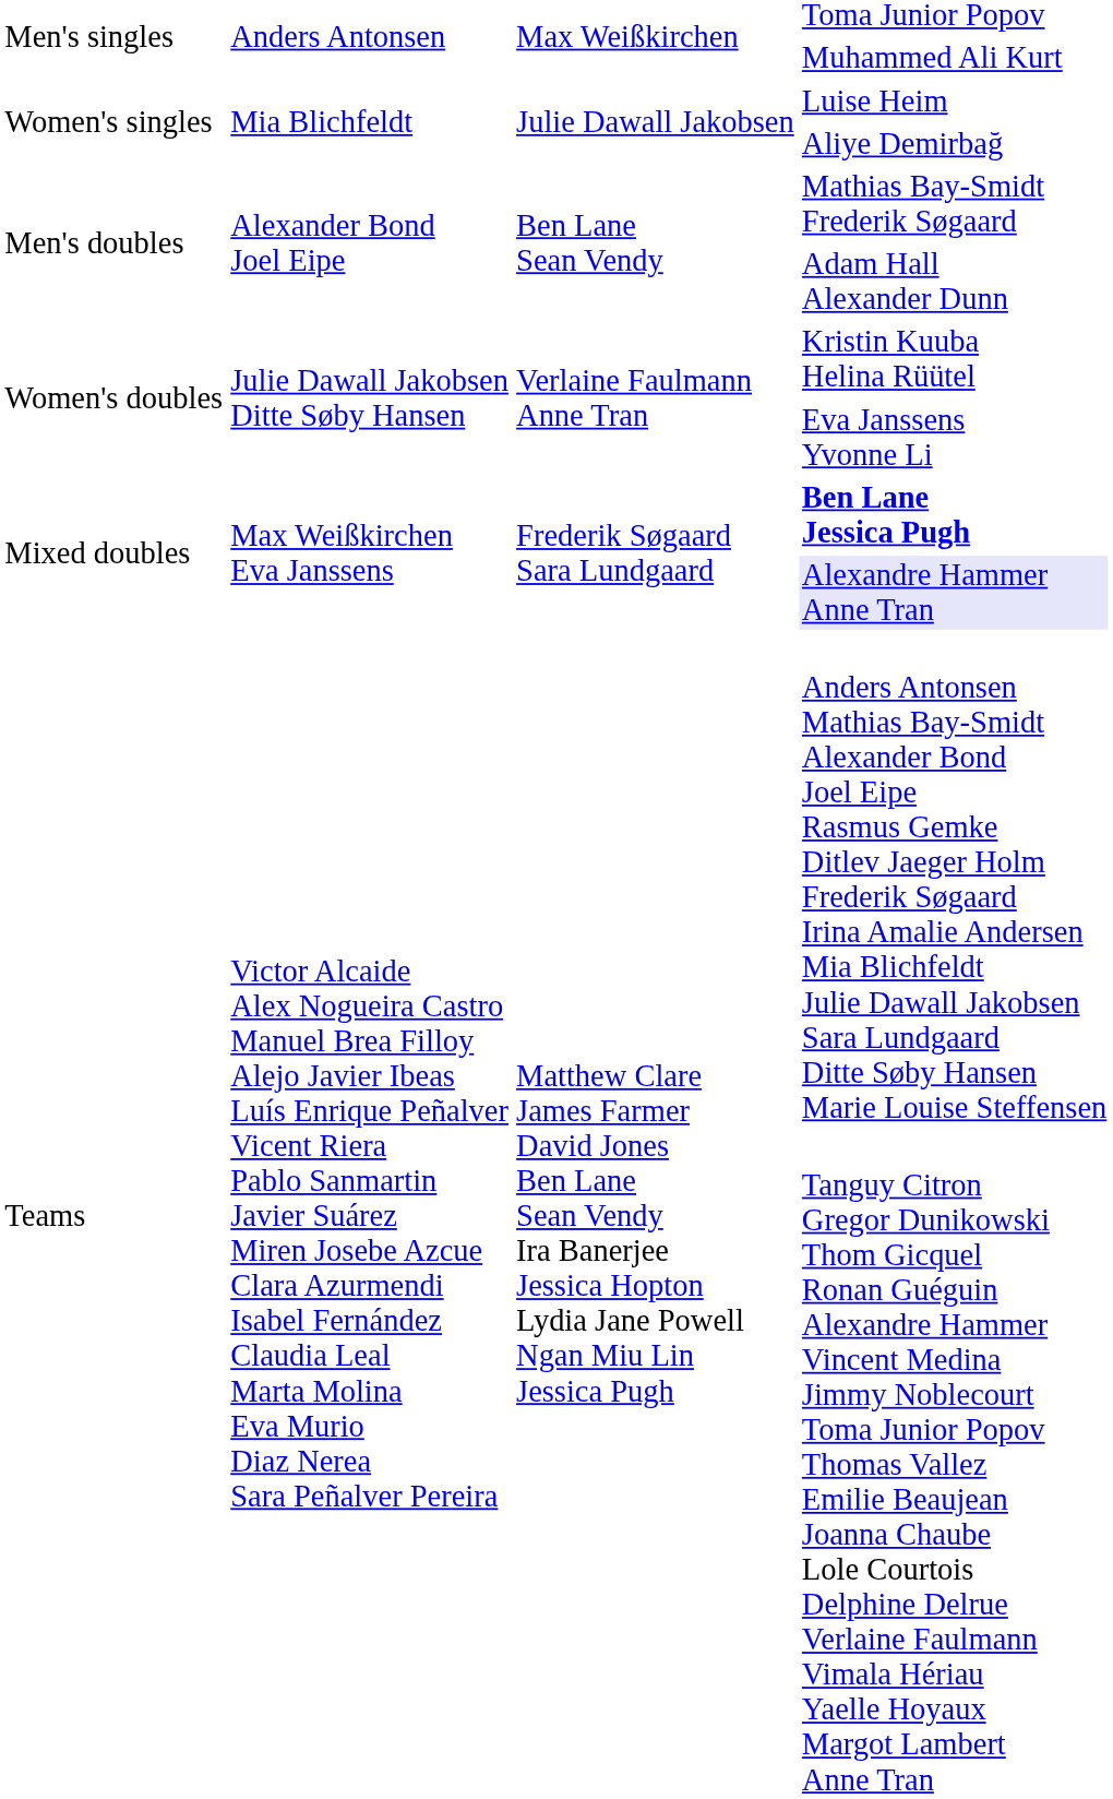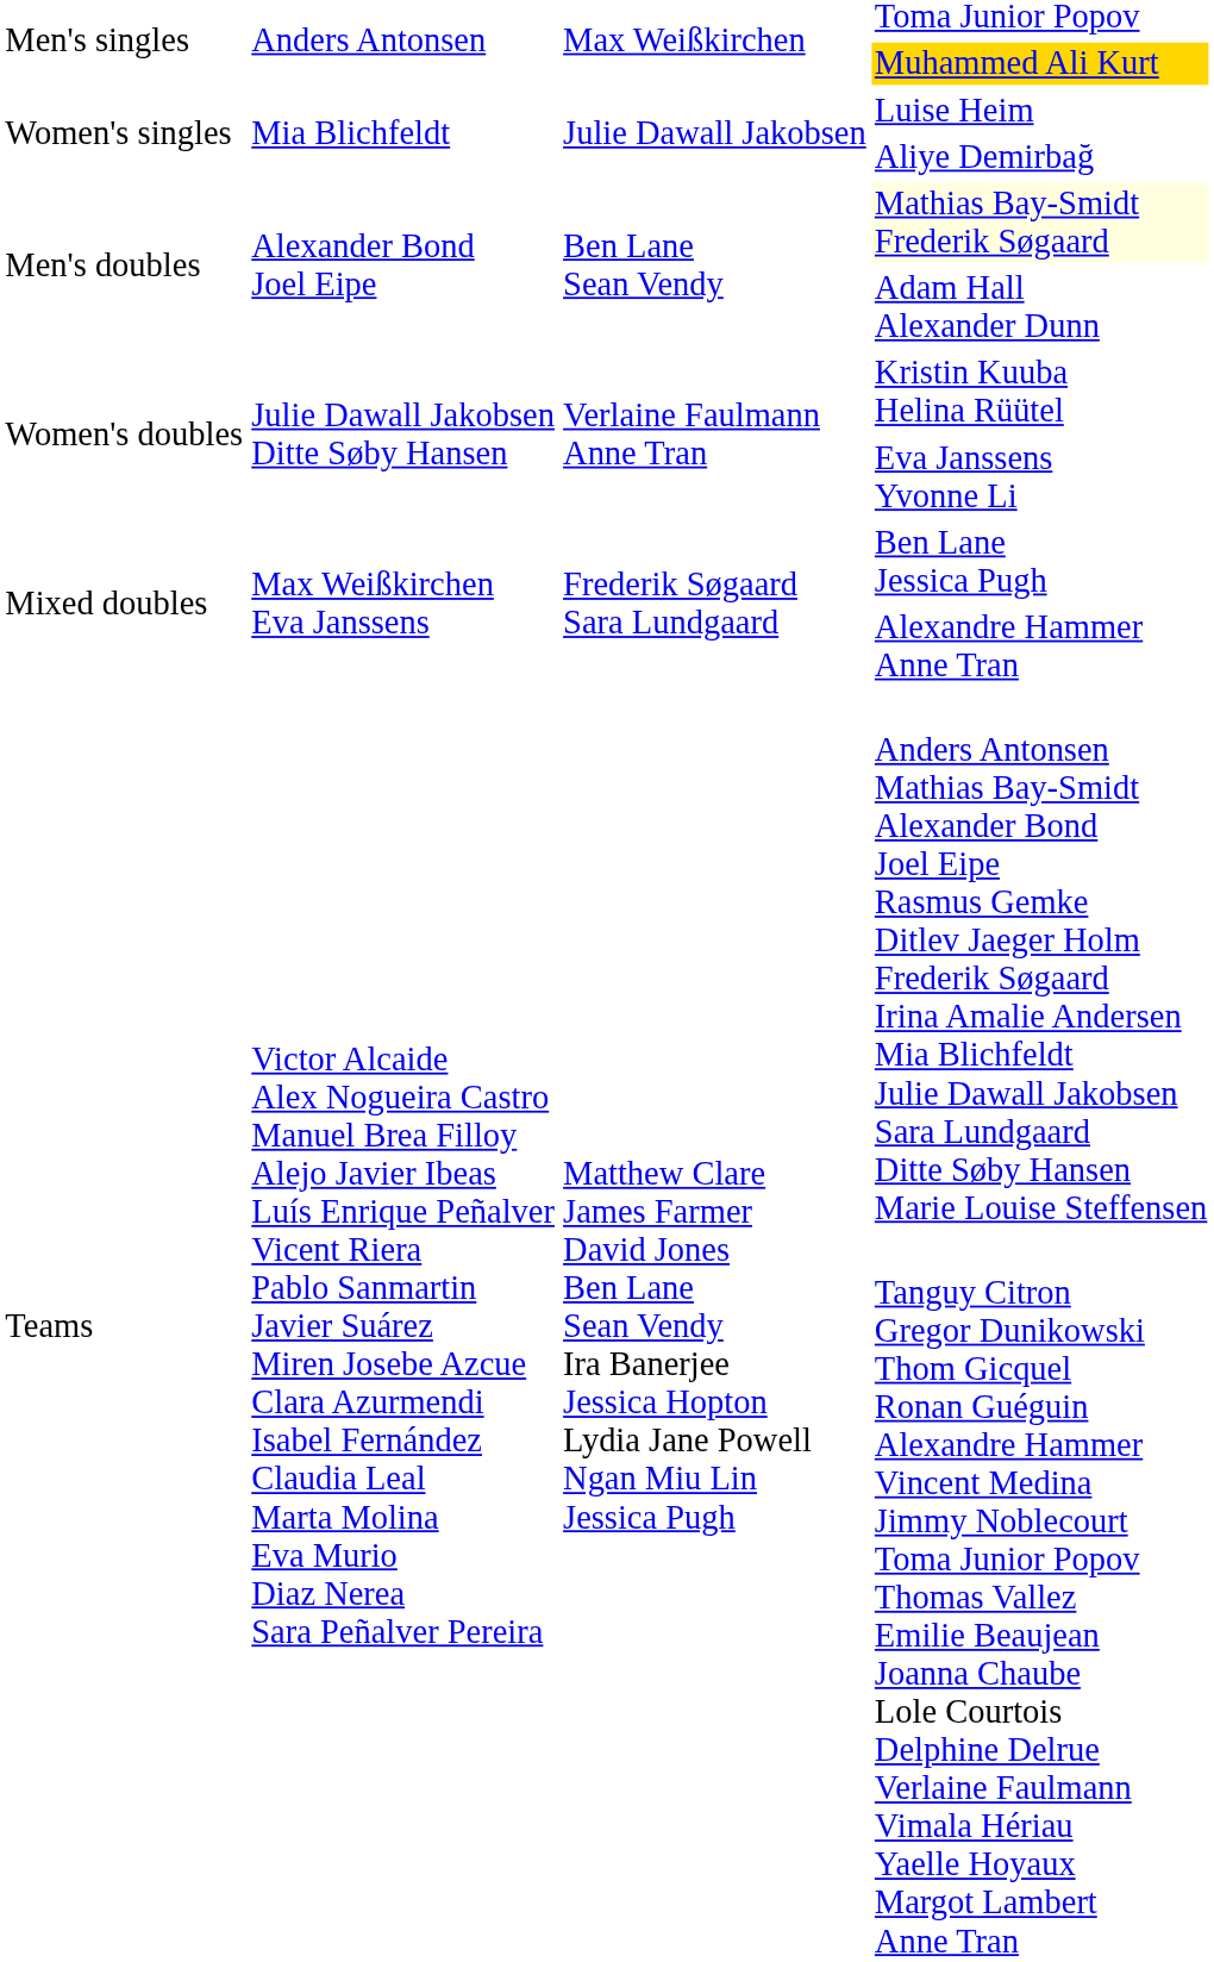 <table>
 <tr>
 <td rowspan=2>Men's singles</td>
 <td rowspan=2> <a href='#'>Anders Antonsen</a></td>
 <td rowspan=2> <a href='#'>Max Weißkirchen</a></td>
 <td> <a href='#'>Toma Junior Popov</a></td>
 </tr>
 <tr>
-<td> <a href='#'>Muhammed Ali Kurt</a></td>
+<td style="background: gold;"> <a href='#'>Muhammed Ali Kurt</a></td>
 </tr>
 <tr>
 <td rowspan=2>Women's singles</td>
 <td rowspan=2> <a href='#'>Mia Blichfeldt</a></td>
 <td rowspan=2> <a href='#'>Julie Dawall Jakobsen</a></td>
 <td> <a href='#'>Luise Heim</a></td>
 </tr>
 <tr>
 <td> <a href='#'>Aliye Demirbağ</a></td>
 </tr>
 <tr>
 <td rowspan=2>Men's doubles</td>
 <td rowspan=2> <a href='#'>Alexander Bond</a><br> <a href='#'>Joel Eipe</a></td>
 <td rowspan=2> <a href='#'>Ben Lane</a><br> <a href='#'>Sean Vendy</a></td>
-<td> <a href='#'>Mathias Bay-Smidt</a><br> <a href='#'>Frederik Søgaard</a></td>
+<td style="background: lightyellow;"> <a href='#'>Mathias Bay-Smidt</a><br> <a href='#'>Frederik Søgaard</a></td>
 </tr>
 <tr>
 <td> <a href='#'>Adam Hall</a><br> <a href='#'>Alexander Dunn</a></td>
 </tr>
 <tr>
 <td rowspan=2>Women's doubles</td>
 <td rowspan=2> <a href='#'>Julie Dawall Jakobsen</a><br> <a href='#'>Ditte Søby Hansen</a></td>
 <td rowspan=2> <a href='#'>Verlaine Faulmann</a><br> <a href='#'>Anne Tran</a></td>
 <td> <a href='#'>Kristin Kuuba</a><br> <a href='#'>Helina Rüütel</a></td>
 </tr>
 <tr>
 <td> <a href='#'>Eva Janssens</a><br> <a href='#'>Yvonne Li</a></td>
 </tr>
 <tr>
 <td rowspan=2>Mixed doubles</td>
 <td rowspan=2> <a href='#'>Max Weißkirchen</a><br> <a href='#'>Eva Janssens</a></td>
 <td rowspan=2> <a href='#'>Frederik Søgaard</a><br> <a href='#'>Sara Lundgaard</a></td>
-<td><strong> <a href='#'>Ben Lane</a><br> <a href='#'>Jessica Pugh</a></strong></td>
+<td> <a href='#'>Ben Lane</a><br> <a href='#'>Jessica Pugh</a></td>
 </tr>
 <tr>
-<td style="background: lavender;"> <a href='#'>Alexandre Hammer</a><br> <a href='#'>Anne Tran</a></td>
+<td> <a href='#'>Alexandre Hammer</a><br> <a href='#'>Anne Tran</a></td>
 </tr>
 <tr>
 <td rowspan=2>Teams</td>
 <td rowspan=2><br><a href='#'>Victor Alcaide</a><br><a href='#'>Alex Nogueira Castro</a><br><a href='#'>Manuel Brea Filloy</a><br><a href='#'>Alejo Javier Ibeas</a><br><a href='#'>Luís Enrique Peñalver</a><br><a href='#'>Vicent Riera</a><br><a href='#'>Pablo Sanmartin</a><br><a href='#'>Javier Suárez</a><br><a href='#'>Miren Josebe Azcue</a><br><a href='#'>Clara Azurmendi</a><br><a href='#'>Isabel Fernández</a><br><a href='#'>Claudia Leal</a><br><a href='#'>Marta Molina</a><br><a href='#'>Eva Murio</a><br><a href='#'>Diaz Nerea</a><br><a href='#'>Sara Peñalver Pereira</a></td>
 <td rowspan=2><br><a href='#'>Matthew Clare</a><br><a href='#'>James Farmer</a><br><a href='#'>David Jones</a><br><a href='#'>Ben Lane</a><br><a href='#'>Sean Vendy</a><br>Ira Banerjee<br><a href='#'>Jessica Hopton</a><br>Lydia Jane Powell<br><a href='#'>Ngan Miu Lin</a><br><a href='#'>Jessica Pugh</a></td>
 <td><br><a href='#'>Anders Antonsen</a><br><a href='#'>Mathias Bay-Smidt</a><br><a href='#'>Alexander Bond</a><br><a href='#'>Joel Eipe</a><br><a href='#'>Rasmus Gemke</a><br><a href='#'>Ditlev Jaeger Holm</a><br><a href='#'>Frederik Søgaard</a><br><a href='#'>Irina Amalie Andersen</a><br><a href='#'>Mia Blichfeldt</a><br><a href='#'>Julie Dawall Jakobsen</a><br><a href='#'>Sara Lundgaard</a><br><a href='#'>Ditte Søby Hansen</a><br><a href='#'>Marie Louise Steffensen</a></td>
 </tr>
 <tr>
 <td><br><a href='#'>Tanguy Citron</a><br><a href='#'>Gregor Dunikowski</a><br><a href='#'>Thom Gicquel</a><br><a href='#'>Ronan Guéguin</a><br><a href='#'>Alexandre Hammer</a><br><a href='#'>Vincent Medina</a><br><a href='#'>Jimmy Noblecourt</a><br><a href='#'>Toma Junior Popov</a><br><a href='#'>Thomas Vallez</a><br><a href='#'>Emilie Beaujean</a><br><a href='#'>Joanna Chaube</a><br>Lole Courtois<br><a href='#'>Delphine Delrue</a><br><a href='#'>Verlaine Faulmann</a><br><a href='#'>Vimala Hériau</a><br><a href='#'>Yaelle Hoyaux</a><br><a href='#'>Margot Lambert</a><br><a href='#'>Anne Tran</a></td>
 </tr>
 </table>
